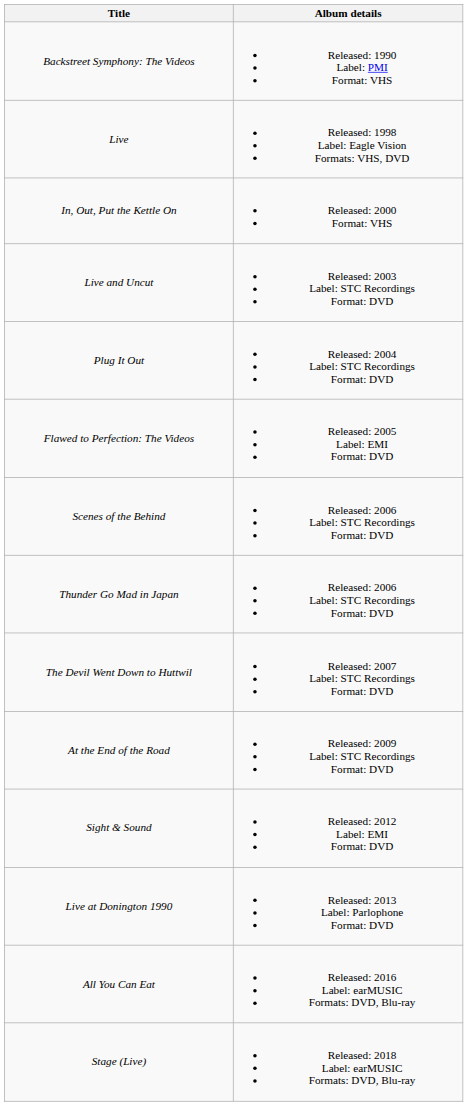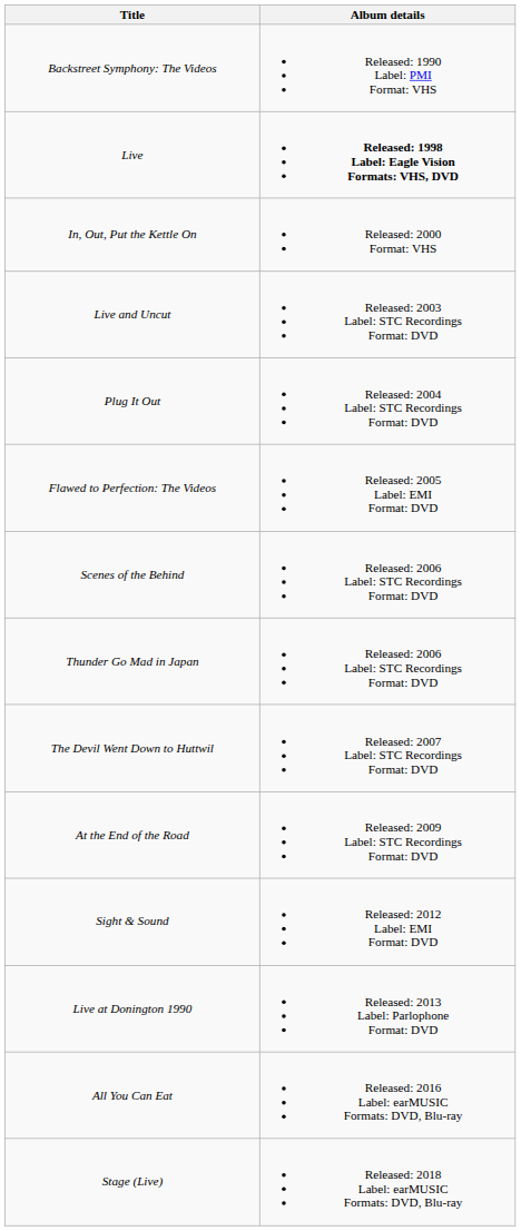 <table class="wikitable" style="text-align: center;">
 <tr>
 <th scope="col" style="width:20em;">Title</th>
 <th scope="col" style="width:20em;">Album details</th>
 </tr>
 <tr>
 <td scope="row"><em>Backstreet Symphony: The Videos</em></td>
 <td><br><ul><li>Released: 1990</li><li>Label: <a href='#'>PMI</a></li><li>Format: VHS</li></ul></td>
 </tr>
 <tr>
 <td scope="row"><em>Live</em></td>
-<td><br><ul><li>Released: 1998</li><li>Label: Eagle Vision</li><li>Formats: VHS, DVD</li></ul></td>
+<td><strong><br><ul><li>Released: 1998</li><li>Label: Eagle Vision</li><li>Formats: VHS, DVD</li></ul></strong></td>
 </tr>
 <tr>
 <td scope="row"><em>In, Out, Put the Kettle On</em></td>
 <td><br><ul><li>Released: 2000</li><li>Format: VHS</li></ul></td>
 </tr>
 <tr>
 <td scope="row"><em>Live and Uncut</em></td>
 <td><br><ul><li>Released: 2003</li><li>Label: STC Recordings</li><li>Format: DVD</li></ul></td>
 </tr>
 <tr>
 <td scope="row"><em>Plug It Out</em></td>
 <td><br><ul><li>Released: 2004</li><li>Label: STC Recordings</li><li>Format: DVD</li></ul></td>
 </tr>
 <tr>
 <td scope="row"><em>Flawed to Perfection: The Videos</em></td>
 <td><br><ul><li>Released: 2005</li><li>Label: EMI</li><li>Format: DVD</li></ul></td>
 </tr>
 <tr>
 <td scope="row"><em>Scenes of the Behind</em></td>
 <td><br><ul><li>Released: 2006</li><li>Label: STC Recordings</li><li>Format: DVD</li></ul></td>
 </tr>
 <tr>
 <td scope="row"><em>Thunder Go Mad in Japan</em></td>
 <td><br><ul><li>Released: 2006</li><li>Label: STC Recordings</li><li>Format: DVD</li></ul></td>
 </tr>
 <tr>
 <td scope="row"><em>The Devil Went Down to Huttwil</em></td>
 <td><br><ul><li>Released: 2007</li><li>Label: STC Recordings</li><li>Format: DVD</li></ul></td>
 </tr>
 <tr>
 <td scope="row"><em>At the End of the Road</em></td>
 <td><br><ul><li>Released: 2009</li><li>Label: STC Recordings</li><li>Format: DVD</li></ul></td>
 </tr>
 <tr>
 <td scope="row"><em>Sight & Sound</em></td>
 <td><br><ul><li>Released: 2012</li><li>Label: EMI</li><li>Format: DVD</li></ul></td>
 </tr>
 <tr>
 <td scope="row"><em>Live at Donington 1990</em></td>
 <td><br><ul><li>Released: 2013</li><li>Label: Parlophone</li><li>Format: DVD</li></ul></td>
 </tr>
 <tr>
 <td scope="row"><em>All You Can Eat</em></td>
 <td><br><ul><li>Released: 2016</li><li>Label: earMUSIC</li><li>Formats: DVD, Blu-ray</li></ul></td>
 </tr>
 <tr>
 <td><em>Stage (Live)</em></td>
 <td scope="row"><br><ul><li>Released: 2018</li><li>Label: earMUSIC</li><li>Formats: DVD, Blu-ray</li></ul></td>
 </tr>
 </table>
